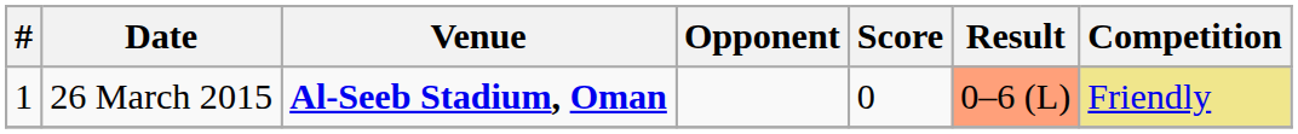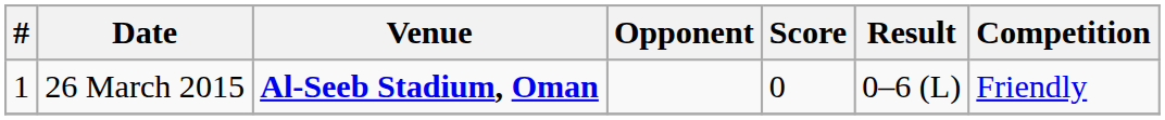 <table class="wikitable" style="font-size: 90%;">
 <tr>
 <th>#</th>
 <th>Date</th>
 <th>Venue</th>
 <th>Opponent</th>
 <th>Score</th>
 <th>Result</th>
 <th>Competition</th>
 </tr>
 <tr>
 <td>1</td>
 <td>26 March 2015</td>
 <td><strong><a href='#'>Al-Seeb Stadium</a>, <a href='#'>Oman</a></strong></td>
 <td></td>
 <td>0</td>
-<td style="background: lightsalmon;">0–6 (L)</td>
-<td style="background: khaki;"><a href='#'>Friendly</a></td>
+<td>0–6 (L)</td>
+<td><a href='#'>Friendly</a></td>
 </tr>
 <tr>
 </tr>
 </table>
